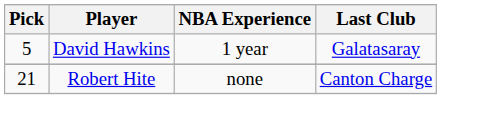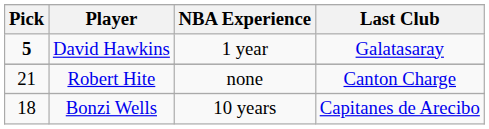 <table class="wikitable sortable sortable">
 <tr>
 </tr>
 <tr style="text-align: center">
 <th>Pick</th>
 <th>Player</th>
 <th>NBA Experience</th>
 <th>Last Club</th>
 </tr>
 <tr style="text-align: center">
-<td>5</td>
+<td><strong>5</strong></td>
 <td><a href='#'>David Hawkins</a></td>
 <td>1 year</td>
 <td> <a href='#'>Galatasaray</a></td>
 </tr>
 <tr>
 </tr>
 <tr style="text-align: center">
 <td>21</td>
 <td><a href='#'>Robert Hite</a></td>
 <td>none</td>
 <td> <a href='#'>Canton Charge</a></td>
 </tr>
 <tr>
 </tr>
+<tr style="text-align: center">
+<td>18</td>
+<td><a href='#'>Bonzi Wells</a></td>
+<td>10 years</td>
+<td> <a href='#'>Capitanes de Arecibo</a></td>
+</tr>
 </table>
